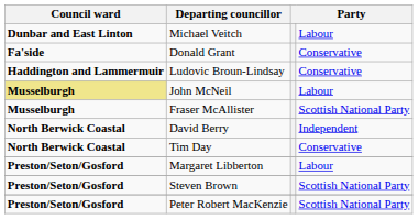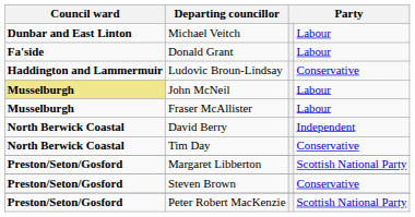 <table class="wikitable sortable">
 <tr>
 <th>Council ward</th>
 <th>Departing councillor</th>
 <th colspan="2">Party</th>
 </tr>
 <tr>
 <td><strong>Dunbar and East Linton</strong></td>
 <td>Michael Veitch</td>
 <th style="background-color: "></th>
 <td><a href='#'>Labour</a></td>
 </tr>
 <tr>
 <td><strong>Fa'side</strong></td>
 <td>Donald Grant</td>
 <th style="background-color: "></th>
-<td><a href='#'>Conservative</a></td>
+<td><a href='#'>Labour</a></td>
 </tr>
 <tr>
 <td><strong>Haddington and Lammermuir</strong></td>
 <td>Ludovic Broun-Lindsay</td>
 <th style="background-color: "></th>
 <td><a href='#'>Conservative</a></td>
 </tr>
 <tr>
 <td style="background: khaki;"><strong>Musselburgh</strong></td>
 <td>John McNeil</td>
 <th style="background-color: "></th>
 <td><a href='#'>Labour</a></td>
 </tr>
 <tr>
 <td><strong>Musselburgh</strong></td>
 <td>Fraser McAllister</td>
 <th style="background-color: "></th>
-<td><a href='#'>Scottish National Party</a></td>
+<td><a href='#'>Labour</a></td>
 </tr>
 <tr>
 <td><strong>North Berwick Coastal</strong></td>
 <td>David Berry</td>
 <th style="background-color: "></th>
 <td><a href='#'>Independent</a></td>
 </tr>
 <tr>
 <td><strong>North Berwick Coastal</strong></td>
 <td>Tim Day</td>
 <th style="background-color: "></th>
 <td><a href='#'>Conservative</a></td>
 </tr>
 <tr>
 </tr>
 <tr>
 <td><strong>Preston/Seton/Gosford</strong></td>
 <td>Margaret Libberton</td>
 <th style="background-color: "></th>
-<td><a href='#'>Labour</a></td>
+<td><a href='#'>Scottish National Party</a></td>
 </tr>
 <tr>
 </tr>
 <tr Peter Robert MacKenzie>
 <td><strong>Preston/Seton/Gosford</strong></td>
 <td>Steven Brown</td>
 <th style="background-color: "></th>
-<td><a href='#'>Scottish National Party</a></td>
+<td><a href='#'>Conservative</a></td>
 </tr>
 <tr>
 </tr>
 <tr>
 <td><strong>Preston/Seton/Gosford</strong></td>
 <td>Peter Robert MacKenzie</td>
 <th style="background-color: "></th>
 <td><a href='#'>Scottish National Party</a></td>
 </tr>
 </table>
